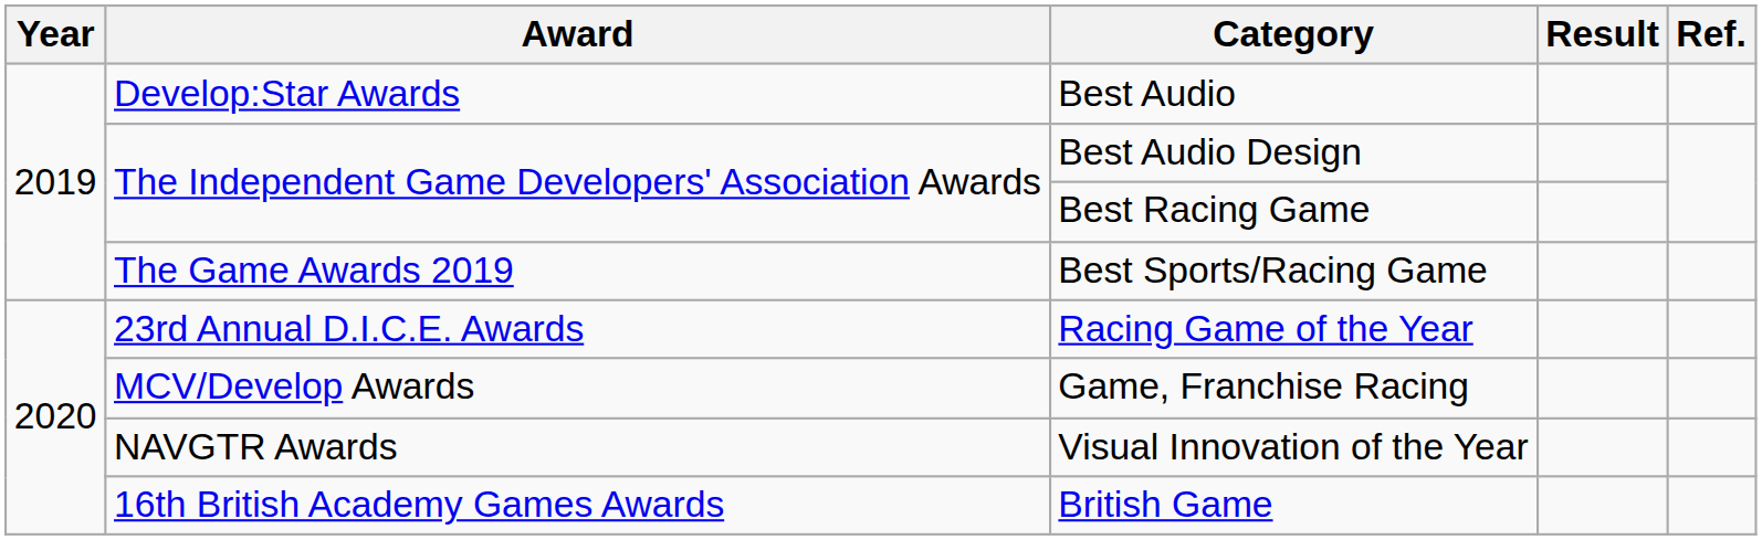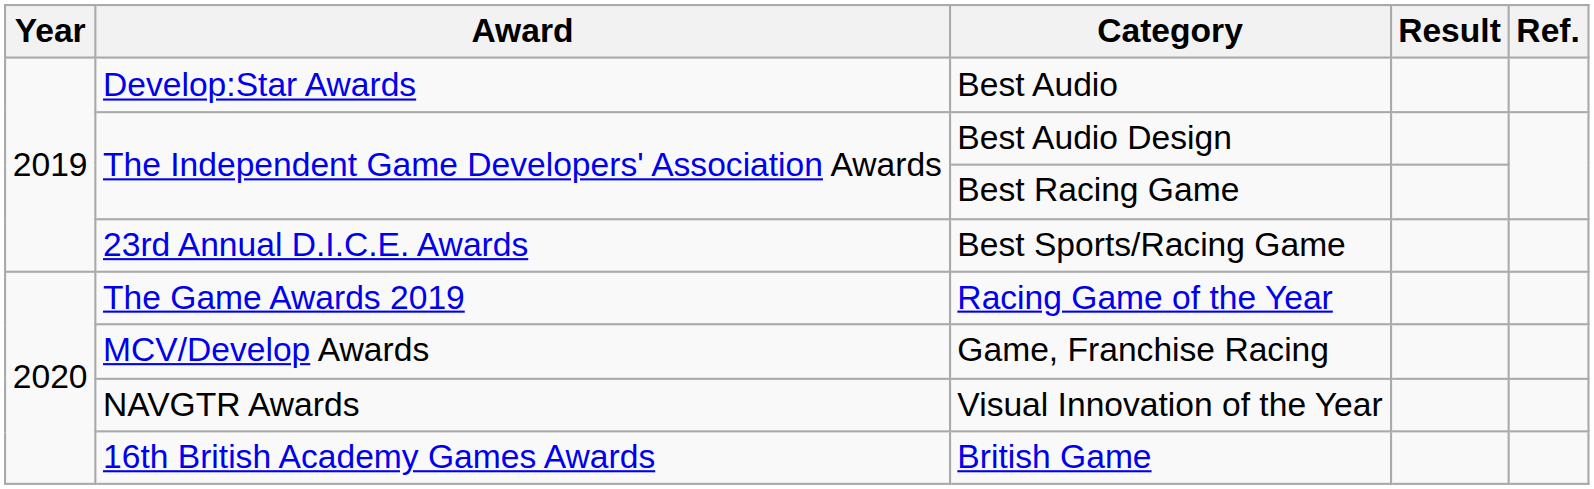 <table class="wikitable sortable">
 <tr>
 <th>Year</th>
 <th>Award</th>
 <th>Category</th>
 <th>Result</th>
 <th>Ref.</th>
 </tr>
 <tr>
 <td style="text-align:center;" rowspan="4">2019</td>
 <td><a href='#'>Develop:Star Awards</a></td>
 <td>Best Audio</td>
 <td></td>
 <td style="text-align:center;"></td>
 </tr>
 <tr>
 <td rowspan="2"><a href='#'>The Independent Game Developers' Association</a> Awards</td>
 <td>Best Audio Design</td>
 <td></td>
 <td rowspan="2" style="text-align:center;"></td>
 </tr>
 <tr>
 <td>Best Racing Game</td>
 <td></td>
 </tr>
 <tr>
-<td><a href='#'>The Game Awards 2019</a></td>
+<td><a href='#'>23rd Annual D.I.C.E. Awards</a></td>
 <td>Best Sports/Racing Game</td>
 <td></td>
 <td style="text-align:center;"></td>
 </tr>
 <tr>
 <td style="text-align:center;" rowspan="4">2020</td>
-<td><a href='#'>23rd Annual D.I.C.E. Awards</a></td>
+<td><a href='#'>The Game Awards 2019</a></td>
 <td><a href='#'>Racing Game of the Year</a></td>
 <td></td>
 <td style="text-align:center;"></td>
 </tr>
 <tr>
 <td><a href='#'>MCV/Develop</a> Awards</td>
 <td>Game, Franchise Racing</td>
 <td></td>
 <td style="text-align:center;"></td>
 </tr>
 <tr>
 <td>NAVGTR Awards</td>
 <td>Visual Innovation of the Year</td>
 <td></td>
 <td style="text-align:center;"></td>
 </tr>
 <tr>
 <td><a href='#'>16th British Academy Games Awards</a></td>
 <td><a href='#'>British Game</a></td>
 <td></td>
 <td style="text-align:center;"></td>
 </tr>
 </table>
